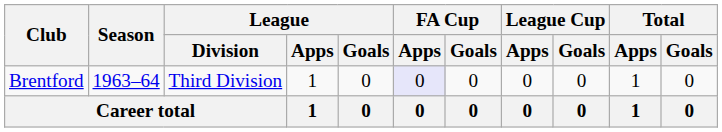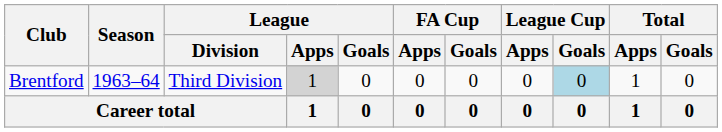 <table class="wikitable" style="text-align: center;">
 <tr>
 <th rowspan="2">Club</th>
 <th rowspan="2">Season</th>
 <th colspan="3">League</th>
 <th colspan="2">FA Cup</th>
 <th colspan="2">League Cup</th>
 <th colspan="2">Total</th>
 </tr>
 <tr>
 <th>Division</th>
 <th>Apps</th>
 <th>Goals</th>
 <th>Apps</th>
 <th>Goals</th>
 <th>Apps</th>
 <th>Goals</th>
 <th>Apps</th>
 <th>Goals</th>
 </tr>
 <tr>
 <td><a href='#'>Brentford</a></td>
 <td><a href='#'>1963–64</a></td>
 <td><a href='#'>Third Division</a></td>
-<td>1</td>
-<td>0</td>
-<td style="background: lavender;">0</td>
+<td style="background: lightgrey;">1</td>
 <td>0</td>
 <td>0</td>
 <td>0</td>
+<td>0</td>
+<td style="background: lightblue;">0</td>
 <td>1</td>
 <td>0</td>
 </tr>
 <tr>
 <th colspan="3">Career total</th>
 <th>1</th>
 <th>0</th>
 <th>0</th>
 <th>0</th>
 <th>0</th>
 <th>0</th>
 <th>1</th>
 <th>0</th>
 </tr>
 </table>
